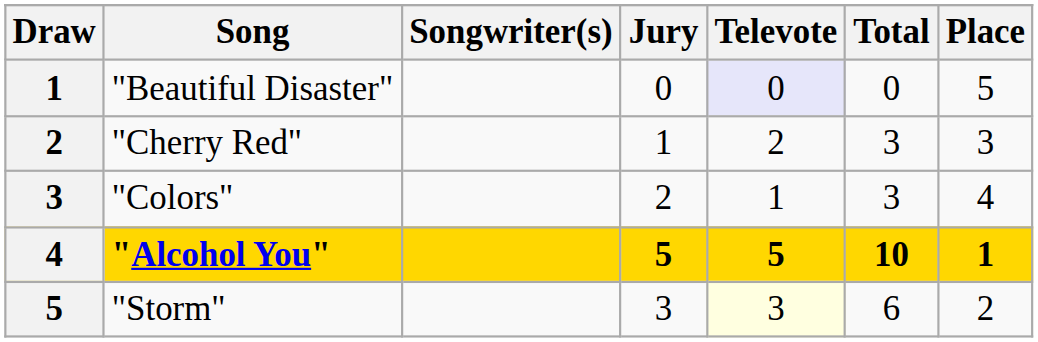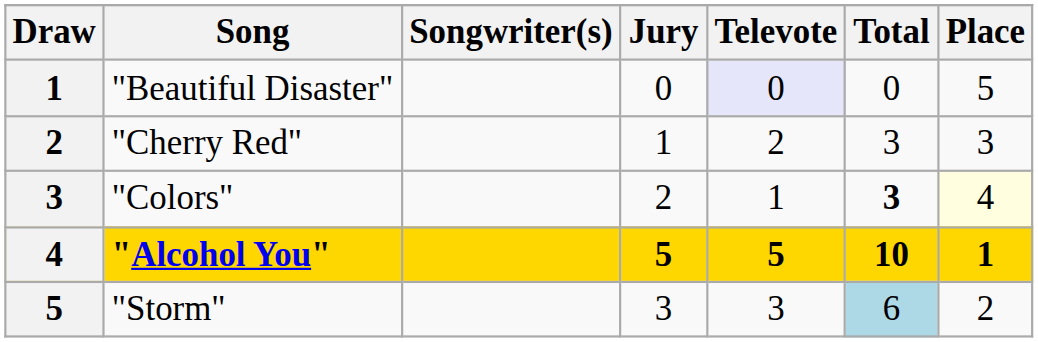 <table class="wikitable sortable plainrowheaders" style="margin: 1em auto 1em auto; text-align:center">
 <tr>
 </tr>
 <tr>
 <th>Draw</th>
 <th>Song</th>
 <th class="unsortable">Songwriter(s)</th>
 <th>Jury</th>
 <th>Televote</th>
 <th>Total</th>
 <th>Place</th>
 </tr>
 <tr>
 <th scope="row" style="text-align:center">1</th>
 <td align="left">"Beautiful Disaster"</td>
 <td align="left"></td>
 <td>0</td>
 <td style="background: lavender;">0</td>
 <td>0</td>
 <td>5</td>
 </tr>
 <tr>
 <th scope="row" style="text-align:center">2</th>
 <td align="left">"Cherry Red"</td>
 <td align="left"></td>
 <td>1</td>
 <td>2</td>
 <td>3</td>
 <td>3</td>
 </tr>
 <tr>
 <th scope="row" style="text-align:center">3</th>
 <td align="left">"Colors"</td>
 <td align="left"></td>
 <td>2</td>
 <td>1</td>
-<td>3</td>
-<td>4</td>
+<td><strong>3</strong></td>
+<td style="background: lightyellow;">4</td>
 </tr>
 <tr style="font-weight:bold; background:gold;">
 <th scope="row" style="text-align:center">4</th>
 <td align="left">"<a href='#'>Alcohol You</a>"</td>
 <td align="left"></td>
 <td>5</td>
 <td>5</td>
 <td>10</td>
 <td>1</td>
 </tr>
 <tr>
 <th scope="row" style="text-align:center">5</th>
 <td align="left">"Storm"</td>
 <td align="left"></td>
 <td>3</td>
-<td style="background: lightyellow;">3</td>
-<td>6</td>
+<td>3</td>
+<td style="background: lightblue;">6</td>
 <td>2</td>
 </tr>
 </table>
